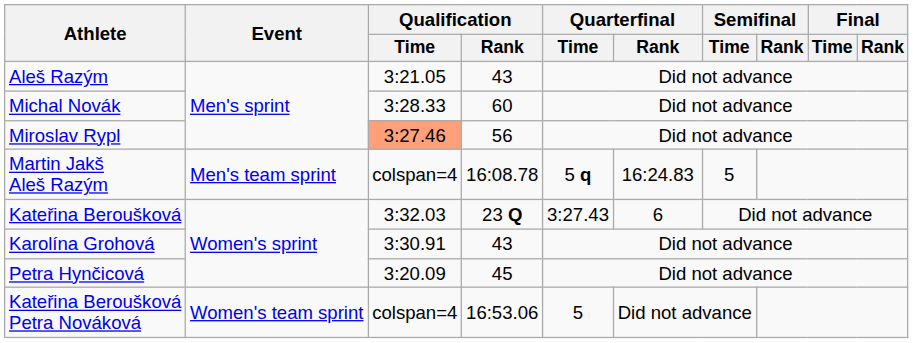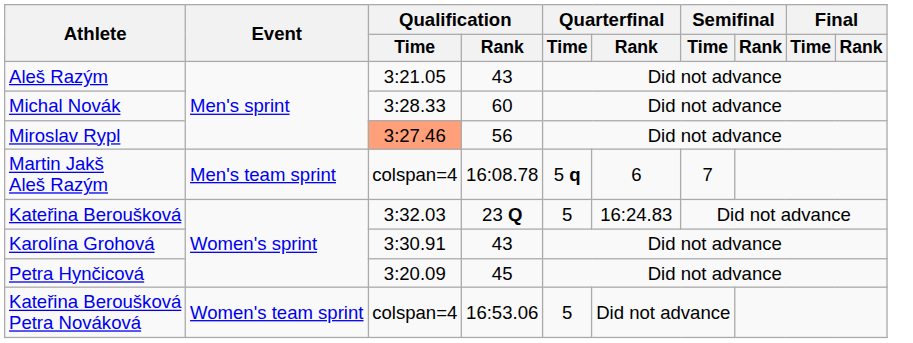 <table class="wikitable" style="font-size:90%">
 <tr>
 <th rowspan="2">Athlete</th>
 <th rowspan="2">Event</th>
 <th colspan="2">Qualification</th>
 <th colspan="2">Quarterfinal</th>
 <th colspan="2">Semifinal</th>
 <th colspan="2">Final</th>
 </tr>
 <tr style="font-size:95%">
 <th>Time</th>
 <th>Rank</th>
 <th>Time</th>
 <th>Rank</th>
 <th>Time</th>
 <th>Rank</th>
 <th>Time</th>
 <th>Rank</th>
 </tr>
 <tr align=center>
 <td align=left><a href='#'>Aleš Razým</a></td>
 <td align=left rowspan=3><a href='#'>Men's sprint</a></td>
 <td>3:21.05</td>
 <td>43</td>
 <td colspan=6>Did not advance</td>
 </tr>
 <tr align=center>
 <td align=left><a href='#'>Michal Novák</a></td>
 <td>3:28.33</td>
 <td>60</td>
 <td colspan=6>Did not advance</td>
 </tr>
 <tr align=center>
 <td align=left><a href='#'>Miroslav Rypl</a></td>
 <td style="background: lightsalmon;">3:27.46</td>
 <td>56</td>
 <td colspan=6>Did not advance</td>
 </tr>
 <tr align=center>
 <td align=left><a href='#'>Martin Jakš</a><br><a href='#'>Aleš Razým</a></td>
 <td align=left><a href='#'>Men's team sprint</a></td>
 <td>colspan=4 </td>
 <td>16:08.78</td>
 <td>5 <strong>q</strong></td>
-<td>16:24.83</td>
-<td>5</td>
+<td>6</td>
+<td>7</td>
 </tr>
 <tr align=center>
 <td align=left><a href='#'>Kateřina Beroušková</a></td>
 <td align=left rowspan=3><a href='#'>Women's sprint</a></td>
 <td>3:32.03</td>
 <td>23 <strong>Q</strong></td>
-<td>3:27.43</td>
-<td>6</td>
+<td>5</td>
+<td>16:24.83</td>
 <td colspan=4>Did not advance</td>
 </tr>
 <tr align=center>
 <td align=left><a href='#'>Karolína Grohová</a></td>
 <td>3:30.91</td>
 <td>43</td>
 <td colspan=6>Did not advance</td>
 </tr>
 <tr align=center>
 <td align=left><a href='#'>Petra Hynčicová</a></td>
 <td>3:20.09</td>
 <td>45</td>
 <td colspan=6>Did not advance</td>
 </tr>
 <tr align=center>
 <td align=left><a href='#'>Kateřina Beroušková</a> <br><a href='#'>Petra Nováková</a></td>
 <td align=left><a href='#'>Women's team sprint</a></td>
 <td>colspan=4 </td>
 <td>16:53.06</td>
 <td>5</td>
 <td colspan=2>Did not advance</td>
 </tr>
 </table>
